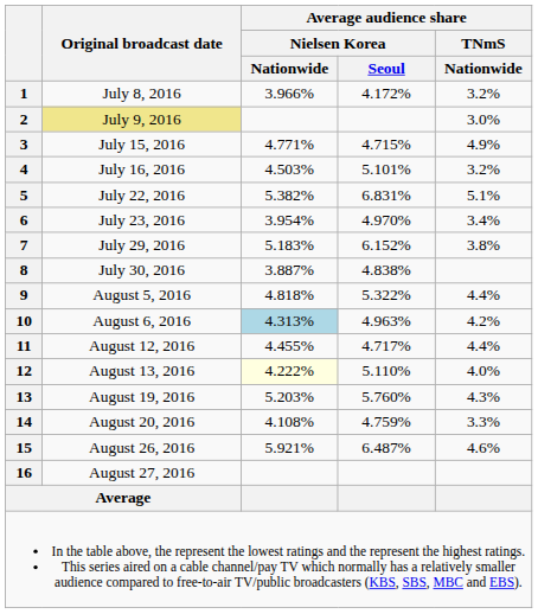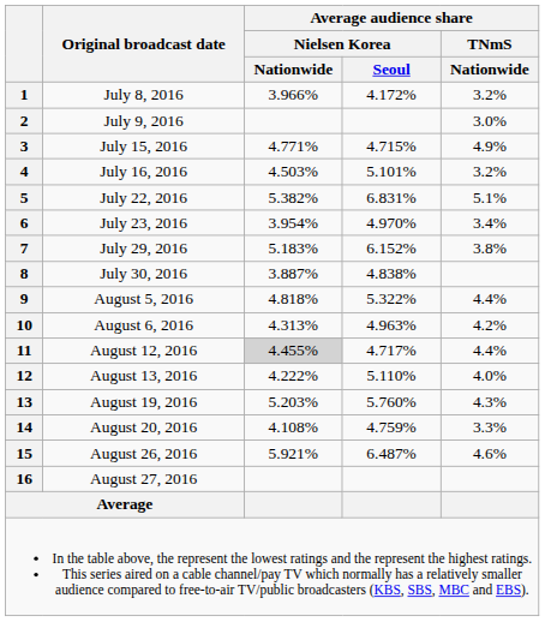 <table class="wikitable" style="width:530px; text-align:center">
 <tr>
 <th rowspan="3"></th>
 <th rowspan="3">Original broadcast date</th>
 <th colspan="3">Average audience share</th>
 </tr>
 <tr>
 <th colspan="2">Nielsen Korea</th>
 <th>TNmS</th>
 </tr>
 <tr>
 <th width="90">Nationwide</th>
 <th width="90"><a href='#'>Seoul</a></th>
 <th width="90">Nationwide</th>
 </tr>
 <tr>
 <th>1</th>
 <td>July 8, 2016</td>
 <td>3.966%</td>
 <td>4.172%</td>
 <td>3.2%</td>
 </tr>
 <tr>
 <th>2</th>
-<td style="background: khaki;">July 9, 2016</td>
+<td>July 9, 2016</td>
 <td></td>
 <td></td>
 <td>3.0%</td>
 </tr>
 <tr>
 <th>3</th>
 <td>July 15, 2016</td>
 <td>4.771%</td>
 <td>4.715%</td>
 <td>4.9%</td>
 </tr>
 <tr>
 <th>4</th>
 <td>July 16, 2016</td>
 <td>4.503%</td>
 <td>5.101%</td>
 <td>3.2%</td>
 </tr>
 <tr>
 <th>5</th>
 <td>July 22, 2016</td>
 <td>5.382%</td>
 <td>6.831%</td>
 <td>5.1%</td>
 </tr>
 <tr>
 <th>6</th>
 <td>July 23, 2016</td>
 <td>3.954%</td>
 <td>4.970%</td>
 <td>3.4%</td>
 </tr>
 <tr>
 <th>7</th>
 <td>July 29, 2016</td>
 <td>5.183%</td>
 <td>6.152%</td>
 <td>3.8%</td>
 </tr>
 <tr>
 <th>8</th>
 <td>July 30, 2016</td>
 <td>3.887%</td>
 <td>4.838%</td>
 <td></td>
 </tr>
 <tr>
 <th>9</th>
 <td>August 5, 2016</td>
 <td>4.818%</td>
 <td>5.322%</td>
 <td>4.4%</td>
 </tr>
 <tr>
 <th>10</th>
 <td>August 6, 2016</td>
-<td style="background: lightblue;">4.313%</td>
+<td>4.313%</td>
 <td>4.963%</td>
 <td>4.2%</td>
 </tr>
 <tr>
 <th>11</th>
 <td>August 12, 2016</td>
-<td>4.455%</td>
+<td style="background: lightgrey;">4.455%</td>
 <td>4.717%</td>
 <td>4.4%</td>
 </tr>
 <tr>
 <th>12</th>
 <td>August 13, 2016</td>
-<td style="background: lightyellow;">4.222%</td>
+<td>4.222%</td>
 <td>5.110%</td>
 <td>4.0%</td>
 </tr>
 <tr>
 <th>13</th>
 <td>August 19, 2016</td>
 <td>5.203%</td>
 <td>5.760%</td>
 <td>4.3%</td>
 </tr>
 <tr>
 <th>14</th>
 <td>August 20, 2016</td>
 <td>4.108%</td>
 <td>4.759%</td>
 <td>3.3%</td>
 </tr>
 <tr>
 <th>15</th>
 <td>August 26, 2016</td>
 <td>5.921%</td>
 <td>6.487%</td>
 <td>4.6%</td>
 </tr>
 <tr>
 <th>16</th>
 <td>August 27, 2016</td>
 <td></td>
 <td></td>
 <td></td>
 </tr>
 <tr>
 <th colspan="2">Average</th>
 <th></th>
 <th></th>
 <th></th>
 </tr>
 <tr>
 <td colspan="5" style="font-size:85%"><br><ul><li>In the table above, the <strong></strong> represent the lowest ratings and the <strong></strong> represent the highest ratings.</li><li>This series aired on a cable channel/pay TV which normally has a relatively smaller audience compared to free-to-air TV/public broadcasters (<a href='#'>KBS</a>, <a href='#'>SBS</a>, <a href='#'>MBC</a> and <a href='#'>EBS</a>).</li></ul></td>
 </tr>
 </table>
